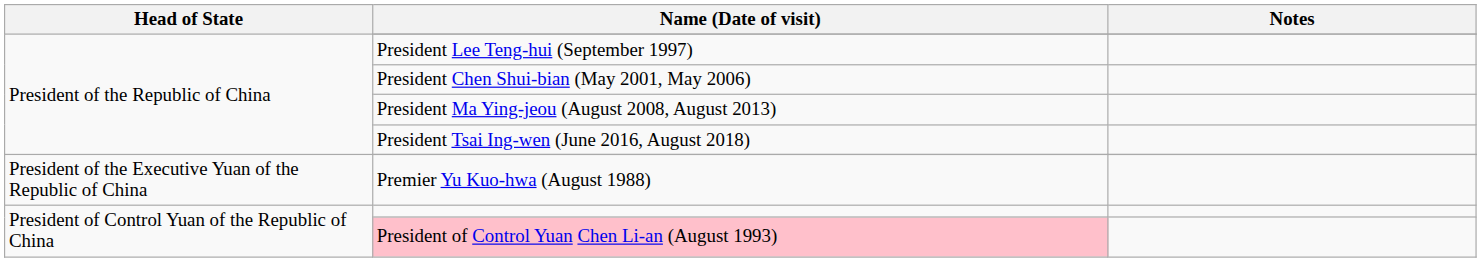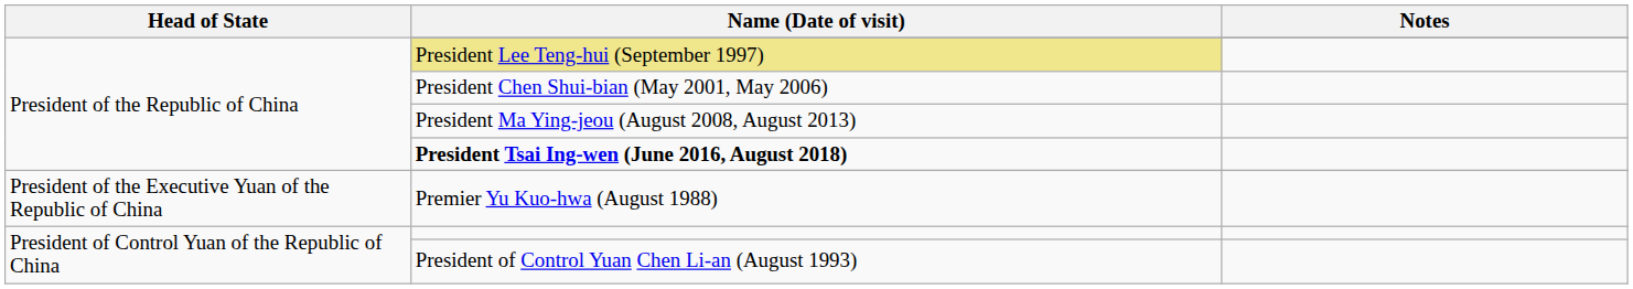 <table class="wikitable">
 <tr>
 <th width=10%>Head of State</th>
 <th width=20%>Name (Date of visit)</th>
 <th width=10%  colspan="2">Notes</th>
 </tr>
 <tr>
 <td rowspan=5>President of the Republic of China</td>
 </tr>
 <tr>
-<td>President <a href='#'>Lee Teng-hui</a> (September 1997)</td>
+<td style="background: khaki;">President <a href='#'>Lee Teng-hui</a> (September 1997)</td>
 <td></td>
 </tr>
 <tr>
 <td>President <a href='#'>Chen Shui-bian</a> (May 2001, May 2006)</td>
 <td></td>
 </tr>
 <tr>
 <td>President <a href='#'>Ma Ying-jeou</a> (August 2008, August 2013)</td>
 <td></td>
 </tr>
 <tr>
-<td>President <a href='#'>Tsai Ing-wen</a> (June 2016, August 2018)</td>
+<td><strong>President <a href='#'>Tsai Ing-wen</a> (June 2016, August 2018)</strong></td>
 <td></td>
 </tr>
 <tr>
 <td rowspan=2>President of the Executive Yuan of the Republic of China</td>
 </tr>
 <tr>
 <td>Premier <a href='#'>Yu Kuo-hwa</a> (August 1988)</td>
 <td></td>
 </tr>
 <tr>
 <td rowspan=2>President of Control Yuan of the Republic of China</td>
 <td></td>
 </tr>
 <tr>
-<td style="background: pink;">President of <a href='#'>Control Yuan</a> <a href='#'>Chen Li-an</a> (August 1993)</td>
+<td>President of <a href='#'>Control Yuan</a> <a href='#'>Chen Li-an</a> (August 1993)</td>
 <td></td>
 </tr>
 </table>
